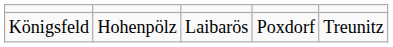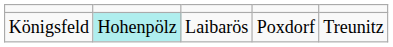 <table class="wikitable">
 <tr>
 <td></td>
 <td></td>
 <td></td>
 <td></td>
 <td></td>
 </tr>
 <tr>
 <td>Königsfeld</td>
-<td>Hohenpölz</td>
+<td style="background: paleturquoise;">Hohenpölz</td>
 <td>Laibarös</td>
 <td>Poxdorf</td>
 <td>Treunitz</td>
 </tr>
 </table>
